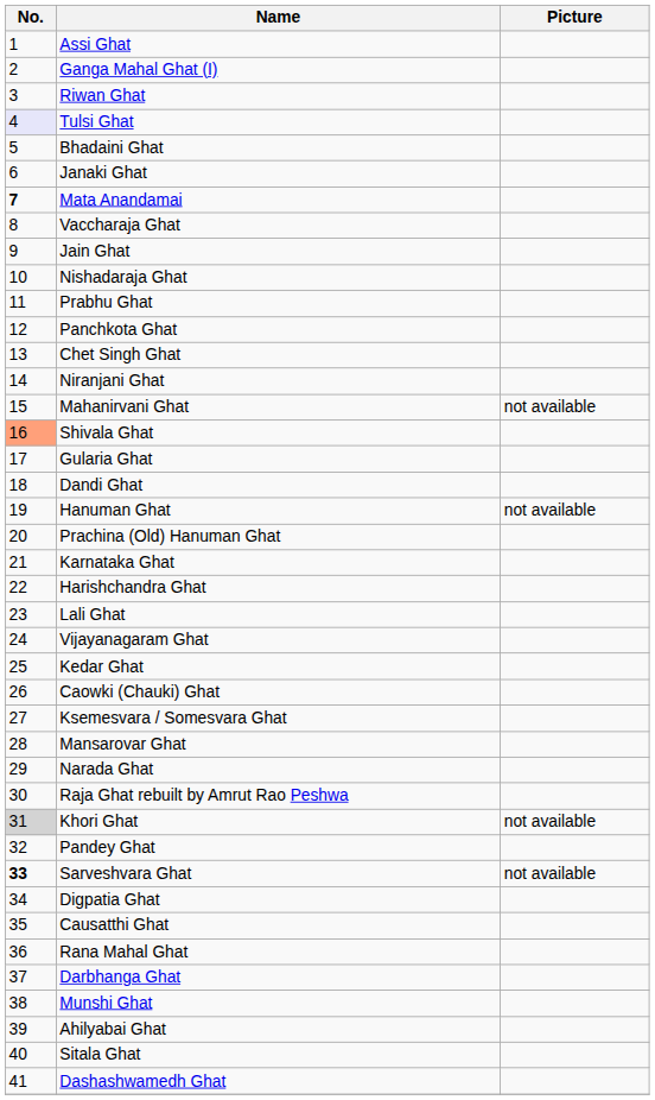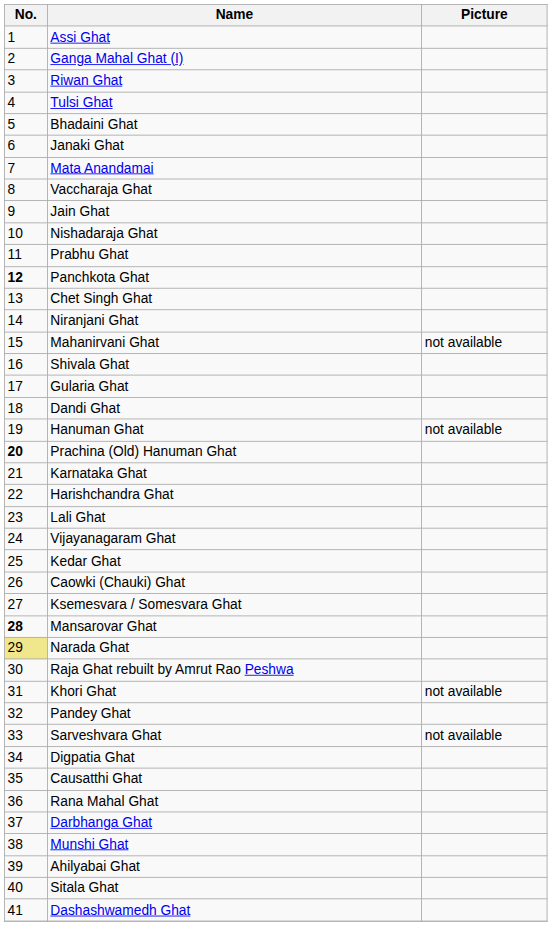 <table class="wikitable sortable" width=50%>
 <tr>
 <th>No.</th>
 <th>Name</th>
 <th class="unsortable">Picture</th>
 </tr>
 <tr>
 <td>1</td>
 <td><a href='#'>Assi Ghat</a></td>
 <td></td>
 </tr>
 <tr>
 <td>2</td>
 <td><a href='#'>Ganga Mahal Ghat (I)</a></td>
 <td></td>
 </tr>
 <tr>
 <td>3</td>
 <td><a href='#'>Riwan Ghat</a></td>
 <td></td>
 </tr>
 <tr>
-<td style="background: lavender;">4</td>
+<td>4</td>
 <td><a href='#'>Tulsi Ghat</a></td>
 <td></td>
 </tr>
 <tr>
 <td>5</td>
 <td>Bhadaini Ghat</td>
 <td></td>
 </tr>
 <tr>
 <td>6</td>
 <td>Janaki Ghat</td>
 <td></td>
 </tr>
 <tr>
-<td><strong>7</strong></td>
+<td>7</td>
 <td><a href='#'>Mata Anandamai</a></td>
 <td></td>
 </tr>
 <tr>
 <td>8</td>
 <td>Vaccharaja Ghat</td>
 <td></td>
 </tr>
 <tr>
 <td>9</td>
 <td>Jain Ghat</td>
 <td></td>
 </tr>
 <tr>
 <td>10</td>
 <td>Nishadaraja Ghat</td>
 <td></td>
 </tr>
 <tr>
 <td>11</td>
 <td>Prabhu Ghat</td>
 <td></td>
 </tr>
 <tr>
-<td>12</td>
+<td><strong>12</strong></td>
 <td>Panchkota Ghat</td>
 <td></td>
 </tr>
 <tr>
 <td>13</td>
 <td>Chet Singh Ghat</td>
 <td></td>
 </tr>
 <tr>
 <td>14</td>
 <td>Niranjani Ghat</td>
 <td></td>
 </tr>
 <tr>
 <td>15</td>
 <td>Mahanirvani Ghat</td>
 <td>not available</td>
 </tr>
 <tr>
-<td style="background: lightsalmon;">16</td>
+<td>16</td>
 <td>Shivala Ghat</td>
 <td></td>
 </tr>
 <tr>
 <td>17</td>
 <td>Gularia Ghat</td>
 <td></td>
 </tr>
 <tr>
 <td>18</td>
 <td>Dandi Ghat</td>
 </tr>
 <tr>
 <td>19</td>
 <td>Hanuman Ghat</td>
 <td>not available</td>
 </tr>
 <tr>
-<td>20</td>
+<td><strong>20</strong></td>
 <td>Prachina (Old) Hanuman Ghat</td>
 <td></td>
 </tr>
 <tr>
 <td>21</td>
 <td>Karnataka Ghat</td>
 <td></td>
 </tr>
 <tr>
 <td>22</td>
 <td>Harishchandra Ghat</td>
 <td></td>
 </tr>
 <tr>
 <td>23</td>
 <td>Lali Ghat</td>
 <td></td>
 </tr>
 <tr>
 <td>24</td>
 <td>Vijayanagaram Ghat</td>
 <td></td>
 </tr>
 <tr>
 <td>25</td>
 <td>Kedar Ghat</td>
 <td></td>
 </tr>
 <tr>
 <td>26</td>
 <td>Caowki (Chauki) Ghat</td>
 <td></td>
 </tr>
 <tr>
 <td>27</td>
 <td>Ksemesvara / Somesvara Ghat</td>
 <td></td>
 </tr>
 <tr>
-<td>28</td>
+<td><strong>28</strong></td>
 <td>Mansarovar Ghat</td>
 <td></td>
 </tr>
 <tr>
-<td>29</td>
+<td style="background: khaki;">29</td>
 <td>Narada Ghat</td>
 <td></td>
 </tr>
 <tr>
 <td>30</td>
 <td>Raja Ghat rebuilt by Amrut Rao <a href='#'>Peshwa</a></td>
 <td></td>
 </tr>
 <tr>
-<td style="background: lightgrey;">31</td>
+<td>31</td>
 <td>Khori Ghat</td>
 <td>not available</td>
 </tr>
 <tr>
 <td>32</td>
 <td>Pandey Ghat</td>
 <td></td>
 </tr>
 <tr>
-<td><strong>33</strong></td>
+<td>33</td>
 <td>Sarveshvara Ghat</td>
 <td>not available</td>
 </tr>
 <tr>
 <td>34</td>
 <td>Digpatia Ghat</td>
 <td></td>
 </tr>
 <tr>
 <td>35</td>
 <td>Causatthi Ghat</td>
 <td></td>
 </tr>
 <tr>
 <td>36</td>
 <td>Rana Mahal Ghat</td>
 <td></td>
 </tr>
 <tr>
 <td>37</td>
 <td><a href='#'>Darbhanga Ghat</a></td>
 <td></td>
 </tr>
 <tr>
 <td>38</td>
 <td><a href='#'>Munshi Ghat</a></td>
 <td></td>
 </tr>
 <tr>
 <td>39</td>
 <td>Ahilyabai Ghat</td>
 <td></td>
 </tr>
 <tr>
 <td>40</td>
 <td>Sitala Ghat</td>
 <td></td>
 </tr>
 <tr>
 <td>41</td>
 <td><a href='#'>Dashashwamedh Ghat</a></td>
 <td></td>
 </tr>
 <tr>
 </tr>
 </table>
